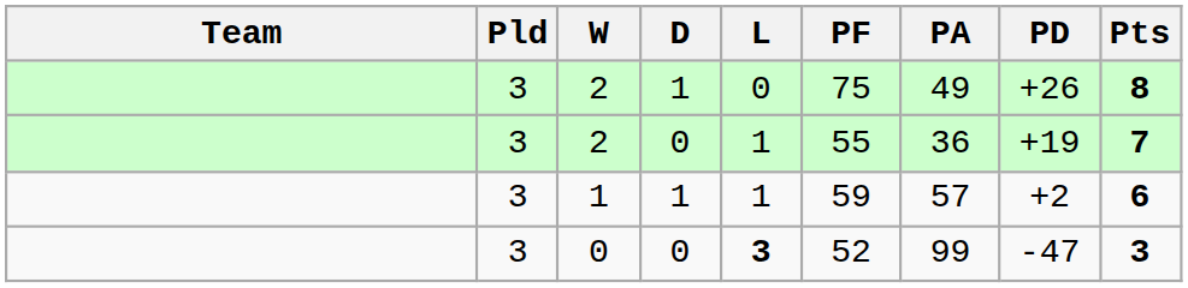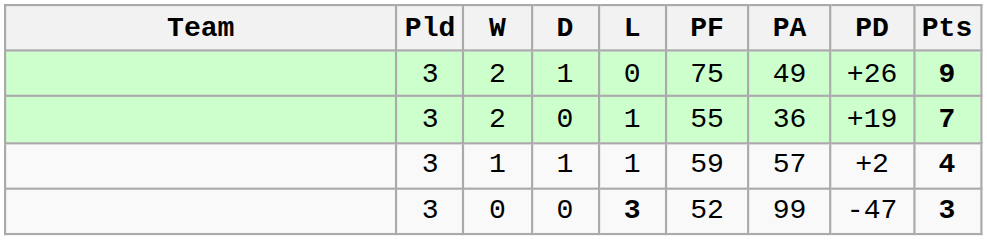 <table class="wikitable" style="text-align:center;">
 <tr>
 <th width=175>Team</th>
 <th width=25 abbr="Played">Pld</th>
 <th width=25 abbr="Won">W</th>
 <th width=25 abbr="Drawn">D</th>
 <th width=25 abbr="Lost">L</th>
 <th width=32 abbr="Points for">PF</th>
 <th width=32 abbr="Points against">PA</th>
 <th width=32 abbr="Points difference">PD</th>
 <th width=25 abbr="Points">Pts</th>
 </tr>
 <tr bgcolor="#ccffcc">
 <td align=left></td>
 <td>3</td>
 <td>2</td>
 <td>1</td>
 <td>0</td>
 <td>75</td>
 <td>49</td>
 <td>+26</td>
-<td><strong>8</strong></td>
+<td><strong>9</strong></td>
 </tr>
 <tr bgcolor="#ccffcc">
 <td align=left></td>
 <td>3</td>
 <td>2</td>
 <td>0</td>
 <td>1</td>
 <td>55</td>
 <td>36</td>
 <td>+19</td>
 <td><strong>7</strong></td>
 </tr>
 <tr>
 <td align=left></td>
 <td>3</td>
 <td>1</td>
 <td>1</td>
 <td>1</td>
 <td>59</td>
 <td>57</td>
 <td>+2</td>
-<td><strong>6</strong></td>
+<td><strong>4</strong></td>
 </tr>
 <tr>
 <td align=left></td>
 <td>3</td>
 <td>0</td>
 <td>0</td>
 <td><strong>3</strong></td>
 <td>52</td>
 <td>99</td>
 <td>-47</td>
 <td><strong>3</strong></td>
 </tr>
 </table>
